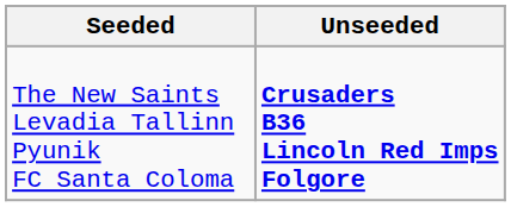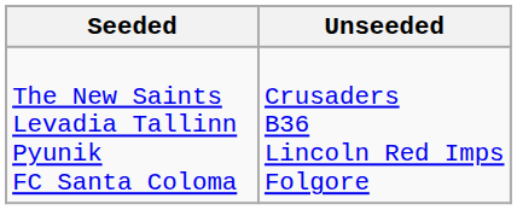 <table class="wikitable" style="font-size:80%">
 <tr>
 <th width=50%>Seeded</th>
 <th width=50%>Unseeded</th>
 </tr>
 <tr>
 <td valign=top><br> <a href='#'>The New Saints</a><br>  <a href='#'>Levadia Tallinn</a><br>  <a href='#'>Pyunik</a><br>  <a href='#'>FC Santa Coloma</a></td>
-<td valign=top><strong><br> <a href='#'>Crusaders</a><br>  <a href='#'>B36</a><br>  <a href='#'>Lincoln Red Imps</a><br>  <a href='#'>Folgore</a></strong></td>
+<td valign=top><br> <a href='#'>Crusaders</a><br>  <a href='#'>B36</a><br>  <a href='#'>Lincoln Red Imps</a><br>  <a href='#'>Folgore</a></td>
 </tr>
 </table>
